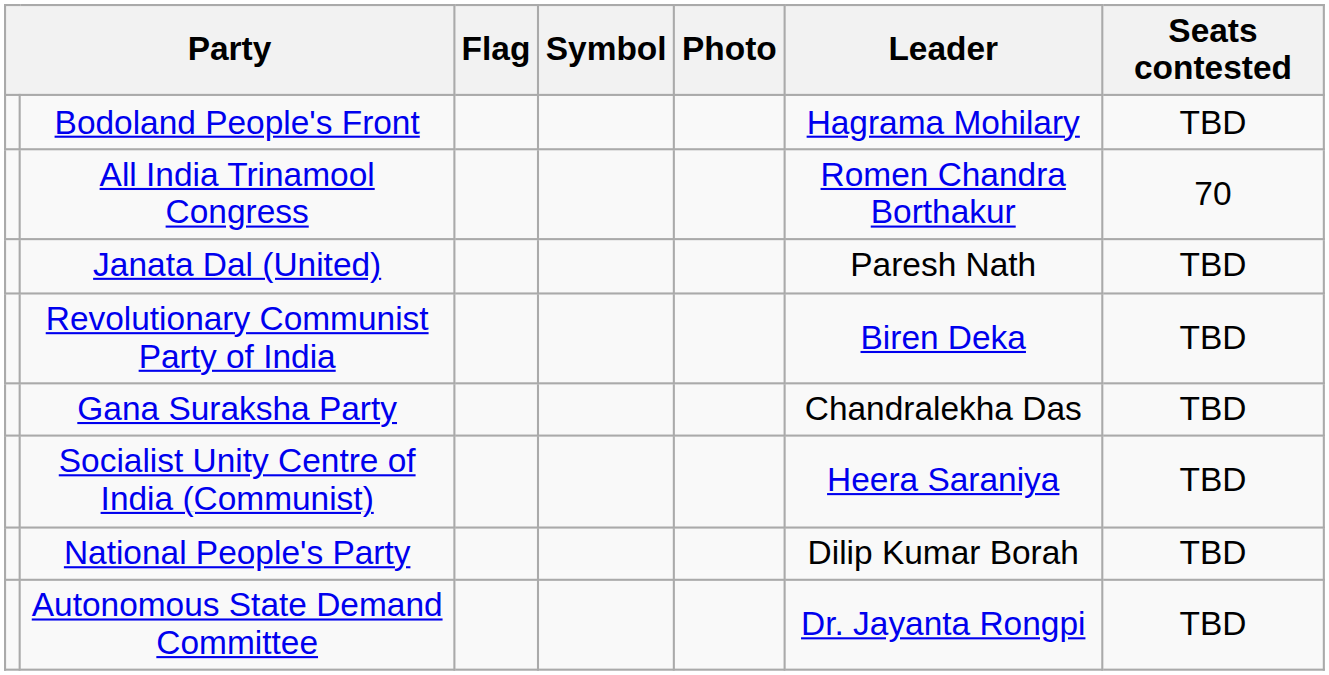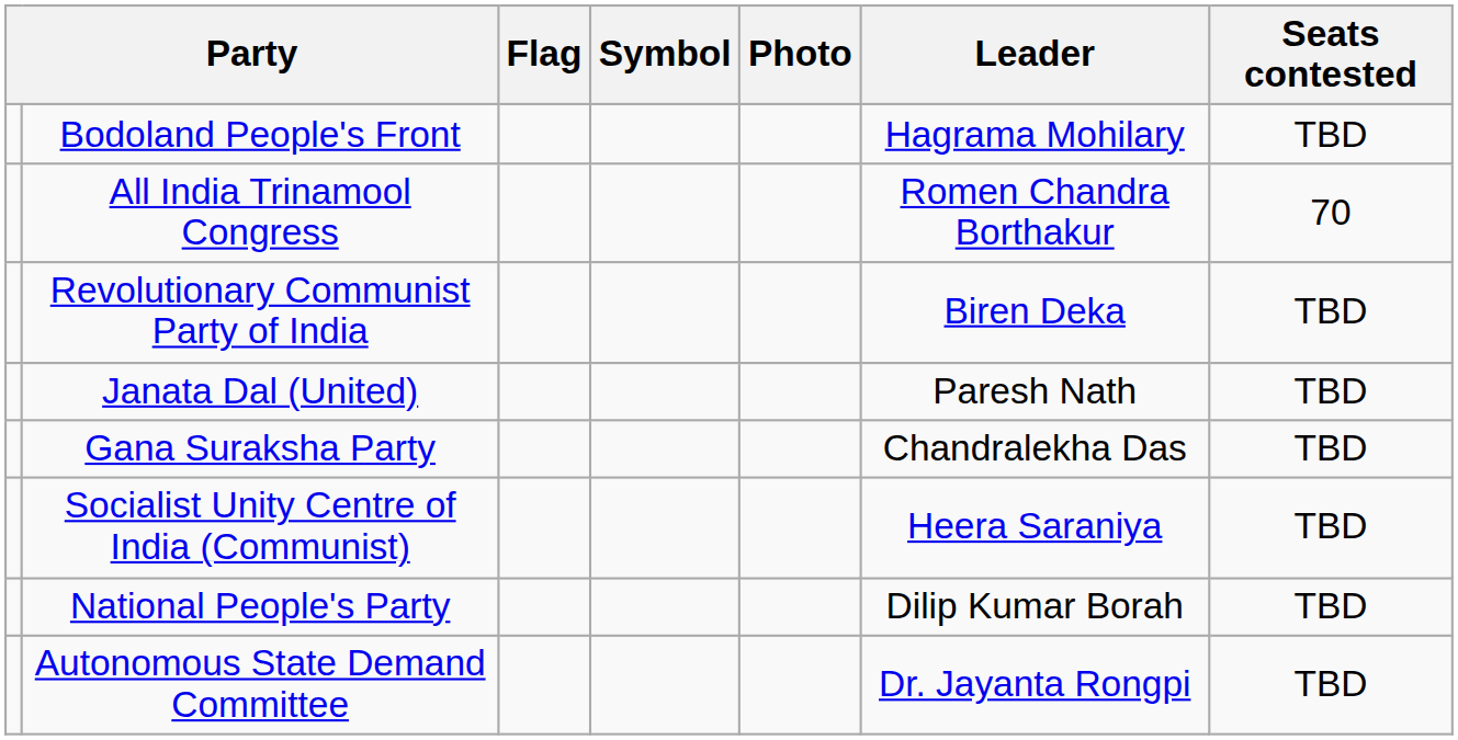 <table class="wikitable" width="50%" style="text-align:center;">
 <tr>
 <th colspan="2">Party</th>
 <th>Flag</th>
 <th>Symbol</th>
 <th>Photo</th>
 <th>Leader</th>
 <th>Seats contested</th>
 </tr>
 <tr>
 <td></td>
 <td><a href='#'>Bodoland People's Front</a></td>
 <td></td>
 <td></td>
 <td></td>
 <td><a href='#'>Hagrama Mohilary</a></td>
 <td>TBD</td>
 </tr>
 <tr>
 <td></td>
 <td><a href='#'>All India Trinamool Congress</a></td>
 <td></td>
 <td></td>
 <td></td>
 <td><a href='#'>Romen Chandra Borthakur</a></td>
 <td>70</td>
 </tr>
 <tr>
 <td></td>
+<td><a href='#'>Revolutionary Communist Party of India</a></td>
+<td></td>
+<td></td>
+<td></td>
+<td><a href='#'>Biren Deka</a></td>
+<td>TBD</td>
+</tr>
+<tr>
+<td></td>
 <td><a href='#'>Janata Dal (United)</a></td>
 <td></td>
 <td></td>
 <td></td>
 <td>Paresh Nath</td>
-<td>TBD</td>
-</tr>
-<tr>
-<td></td>
-<td><a href='#'>Revolutionary Communist Party of India</a></td>
-<td></td>
-<td></td>
-<td></td>
-<td><a href='#'>Biren Deka</a></td>
 <td>TBD</td>
 </tr>
 <tr>
 <td></td>
 <td><a href='#'>Gana Suraksha Party</a></td>
 <td></td>
 <td></td>
 <td></td>
 <td>Chandralekha Das</td>
 <td>TBD</td>
 </tr>
 <tr>
 <td></td>
 <td><a href='#'>Socialist Unity Centre of India (Communist)</a></td>
 <td></td>
 <td></td>
 <td></td>
 <td><a href='#'>Heera Saraniya</a></td>
 <td>TBD</td>
 </tr>
 <tr>
 <td></td>
 <td><a href='#'>National People's Party</a></td>
 <td></td>
 <td></td>
 <td></td>
 <td>Dilip Kumar Borah</td>
 <td>TBD</td>
 </tr>
 <tr>
 <td></td>
 <td><a href='#'>Autonomous State Demand Committee</a></td>
 <td></td>
 <td></td>
 <td></td>
 <td><a href='#'>Dr. Jayanta Rongpi</a></td>
 <td>TBD</td>
 </tr>
 </table>
